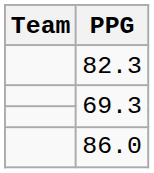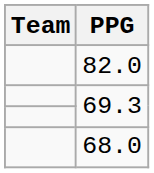 <table class=wikitable>
 <tr>
 <th>Team</th>
 <th>PPG</th>
 </tr>
 <tr>
 <td></td>
-<td align=center>82.3</td>
+<td align=center>82.0</td>
 </tr>
 <tr>
 <td></td>
 <td align=center rowspan=2>69.3</td>
 </tr>
 <tr>
 <td></td>
 </tr>
 <tr>
 <td></td>
-<td align=center>86.0</td>
+<td align=center>68.0</td>
 </tr>
 </table>
